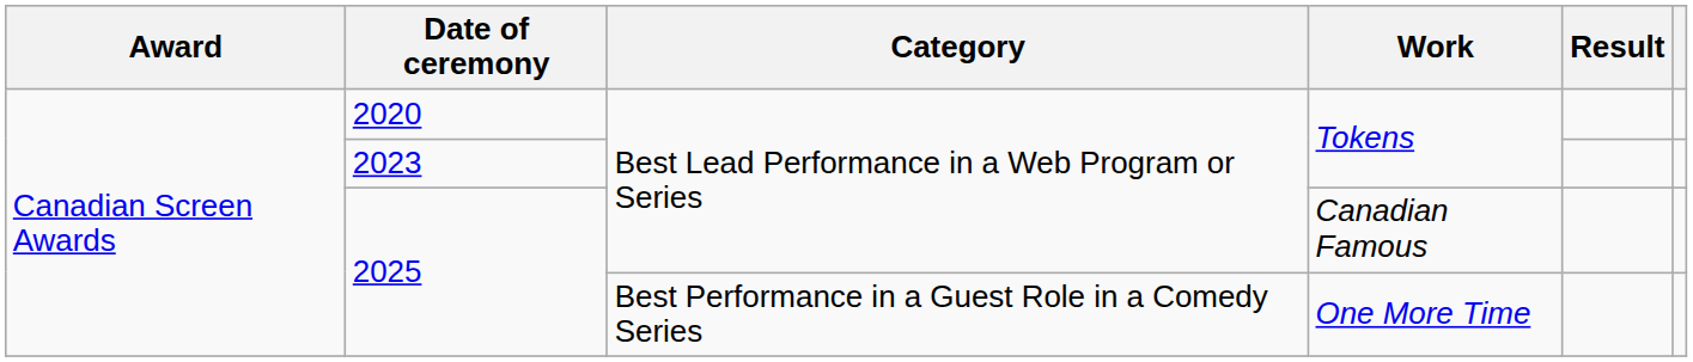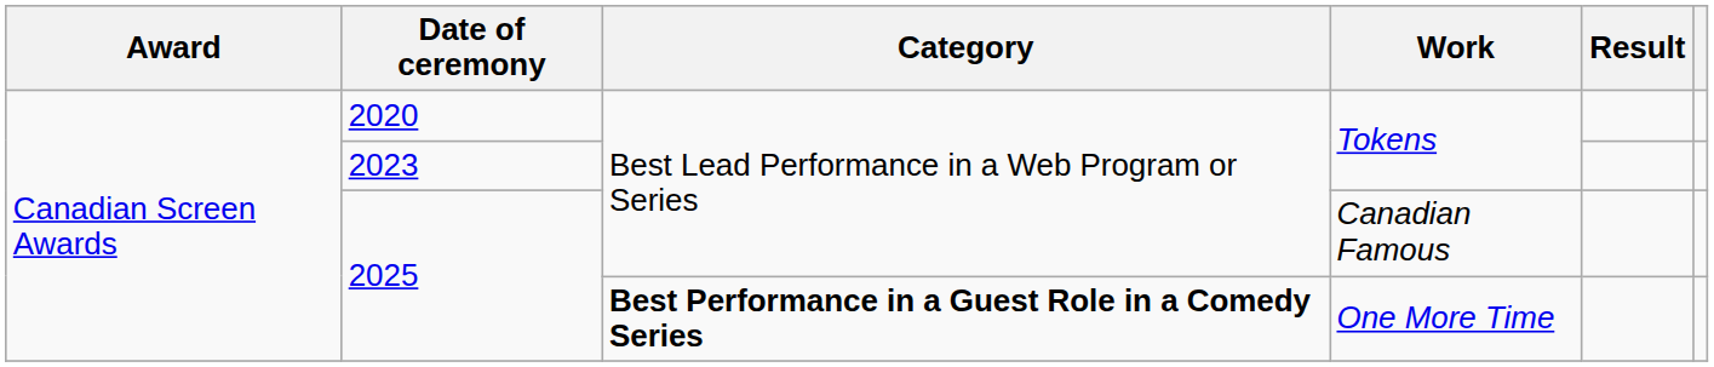 <table class="wikitable sortable plainrowheaders">
 <tr>
 <th scope="col">Award</th>
 <th scope="col">Date of ceremony</th>
 <th scope="col">Category</th>
 <th scope="col">Work</th>
 <th scope="col">Result</th>
 <th scope="col" class="unsortable"></th>
 </tr>
 <tr>
 <td rowspan=4><a href='#'>Canadian Screen Awards</a></td>
 <td><a href='#'>2020</a></td>
 <td rowspan=3>Best Lead Performance in a Web Program or Series</td>
 <td rowspan=2><em><a href='#'>Tokens</a></em></td>
 <td></td>
 <td></td>
 </tr>
 <tr>
 <td><a href='#'>2023</a></td>
 <td></td>
 <td></td>
 </tr>
 <tr>
 <td rowspan=2><a href='#'>2025</a></td>
 <td><em>Canadian Famous</em></td>
 <td></td>
 <td></td>
 </tr>
 <tr>
-<td>Best Performance in a Guest Role in a Comedy Series</td>
+<td><strong>Best Performance in a Guest Role in a Comedy Series</strong></td>
 <td><em><a href='#'>One More Time</a></em></td>
 <td></td>
 <td></td>
 </tr>
 </table>
